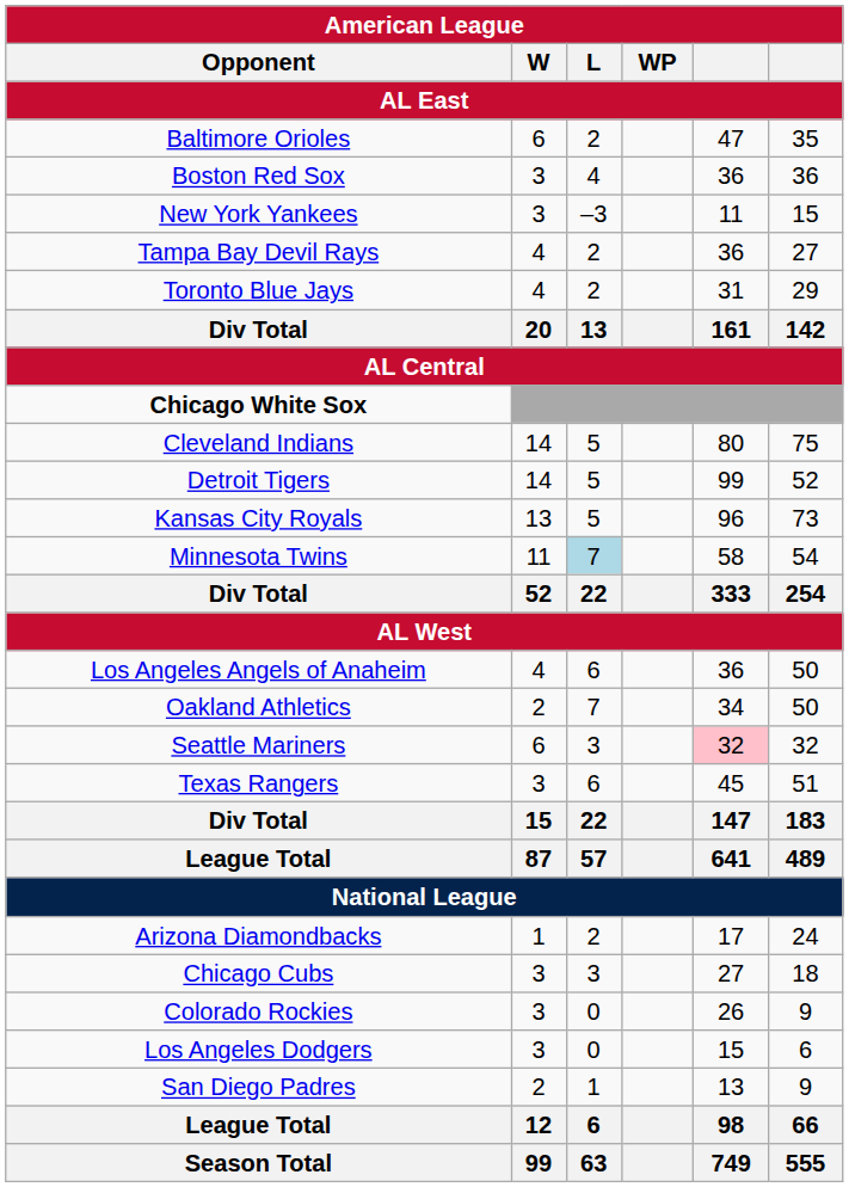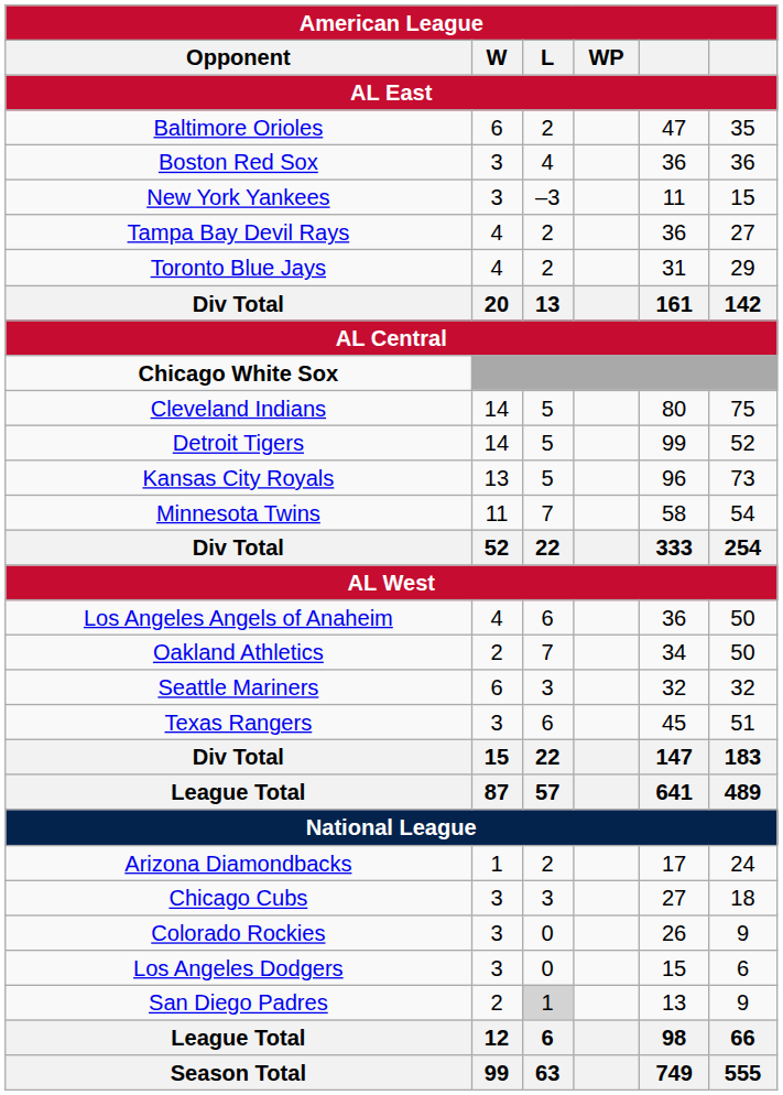 <table class="wikitable" style="margin:1em auto; font-size:95%; text-align:center; width:35em;">
 <tr>
 <th colspan="7" style="background:#c60c30; color:#ffffff;">American League</th>
 </tr>
 <tr>
 <th>Opponent</th>
 <th>W</th>
 <th>L</th>
 <th>WP</th>
 <th></th>
 <th></th>
 </tr>
 <tr>
 <th colspan="7" style="background:#c60c30; color:#ffffff;">AL East</th>
 </tr>
 <tr>
 <td><a href='#'>Baltimore Orioles</a></td>
 <td>6</td>
 <td>2</td>
 <td></td>
 <td>47</td>
 <td>35</td>
 </tr>
 <tr>
 <td><a href='#'>Boston Red Sox</a></td>
 <td>3</td>
 <td>4</td>
 <td></td>
 <td>36</td>
 <td>36</td>
 </tr>
 <tr>
 <td><a href='#'>New York Yankees</a></td>
 <td>3</td>
 <td>–3</td>
 <td></td>
 <td>11</td>
 <td>15</td>
 </tr>
 <tr>
 <td><a href='#'>Tampa Bay Devil Rays</a></td>
 <td>4</td>
 <td>2</td>
 <td></td>
 <td>36</td>
 <td>27</td>
 </tr>
 <tr>
 <td><a href='#'>Toronto Blue Jays</a></td>
 <td>4</td>
 <td>2</td>
 <td></td>
 <td>31</td>
 <td>29</td>
 </tr>
 <tr>
 <th>Div Total</th>
 <th>20</th>
 <th>13</th>
 <th></th>
 <th>161</th>
 <th>142</th>
 </tr>
 <tr>
 <th colspan="7" style="background:#c60c30; color:#ffffff;">AL Central</th>
 </tr>
 <tr>
 <td><strong>Chicago White Sox</strong></td>
 <td colspan=5 style="background:darkgray;"></td>
 </tr>
 <tr>
 <td><a href='#'>Cleveland Indians</a></td>
 <td>14</td>
 <td>5</td>
 <td></td>
 <td>80</td>
 <td>75</td>
 </tr>
 <tr>
 <td><a href='#'>Detroit Tigers</a></td>
 <td>14</td>
 <td>5</td>
 <td></td>
 <td>99</td>
 <td>52</td>
 </tr>
 <tr>
 <td><a href='#'>Kansas City Royals</a></td>
 <td>13</td>
 <td>5</td>
 <td></td>
 <td>96</td>
 <td>73</td>
 </tr>
 <tr>
 <td><a href='#'>Minnesota Twins</a></td>
 <td>11</td>
-<td style="background: lightblue;">7</td>
+<td>7</td>
 <td></td>
 <td>58</td>
 <td>54</td>
 </tr>
 <tr>
 <th>Div Total</th>
 <th>52</th>
 <th>22</th>
 <th></th>
 <th>333</th>
 <th>254</th>
 </tr>
 <tr>
 <th colspan="7" style="background:#c60c30; color:#ffffff;">AL West</th>
 </tr>
 <tr>
 <td><a href='#'>Los Angeles Angels of Anaheim</a></td>
 <td>4</td>
 <td>6</td>
 <td></td>
 <td>36</td>
 <td>50</td>
 </tr>
 <tr>
 <td><a href='#'>Oakland Athletics</a></td>
 <td>2</td>
 <td>7</td>
 <td></td>
 <td>34</td>
 <td>50</td>
 </tr>
 <tr>
 <td><a href='#'>Seattle Mariners</a></td>
 <td>6</td>
 <td>3</td>
 <td></td>
-<td style="background: pink;">32</td>
+<td>32</td>
 <td>32</td>
 </tr>
 <tr>
 <td><a href='#'>Texas Rangers</a></td>
 <td>3</td>
 <td>6</td>
 <td></td>
 <td>45</td>
 <td>51</td>
 </tr>
 <tr>
 <th>Div Total</th>
 <th>15</th>
 <th>22</th>
 <th></th>
 <th>147</th>
 <th>183</th>
 </tr>
 <tr>
 <th>League Total</th>
 <th>87</th>
 <th>57</th>
 <th></th>
 <th>641</th>
 <th>489</th>
 </tr>
 <tr>
 <th colspan="7" style="background:#03224c; color:#ffffff;">National League</th>
 </tr>
 <tr>
 <td><a href='#'>Arizona Diamondbacks</a></td>
 <td>1</td>
 <td>2</td>
 <td></td>
 <td>17</td>
 <td>24</td>
 </tr>
 <tr>
 <td><a href='#'>Chicago Cubs</a></td>
 <td>3</td>
 <td>3</td>
 <td></td>
 <td>27</td>
 <td>18</td>
 </tr>
 <tr>
 <td><a href='#'>Colorado Rockies</a></td>
 <td>3</td>
 <td>0</td>
 <td></td>
 <td>26</td>
 <td>9</td>
 </tr>
 <tr>
 <td><a href='#'>Los Angeles Dodgers</a></td>
 <td>3</td>
 <td>0</td>
 <td></td>
 <td>15</td>
 <td>6</td>
 </tr>
 <tr>
 <td><a href='#'>San Diego Padres</a></td>
 <td>2</td>
-<td>1</td>
+<td style="background: lightgrey;">1</td>
 <td></td>
 <td>13</td>
 <td>9</td>
 </tr>
 <tr>
 <th>League Total</th>
 <th>12</th>
 <th>6</th>
 <th></th>
 <th>98</th>
 <th>66</th>
 </tr>
 <tr>
 <th>Season Total</th>
 <th>99</th>
 <th>63</th>
 <th></th>
 <th>749</th>
 <th>555</th>
 </tr>
 </table>
